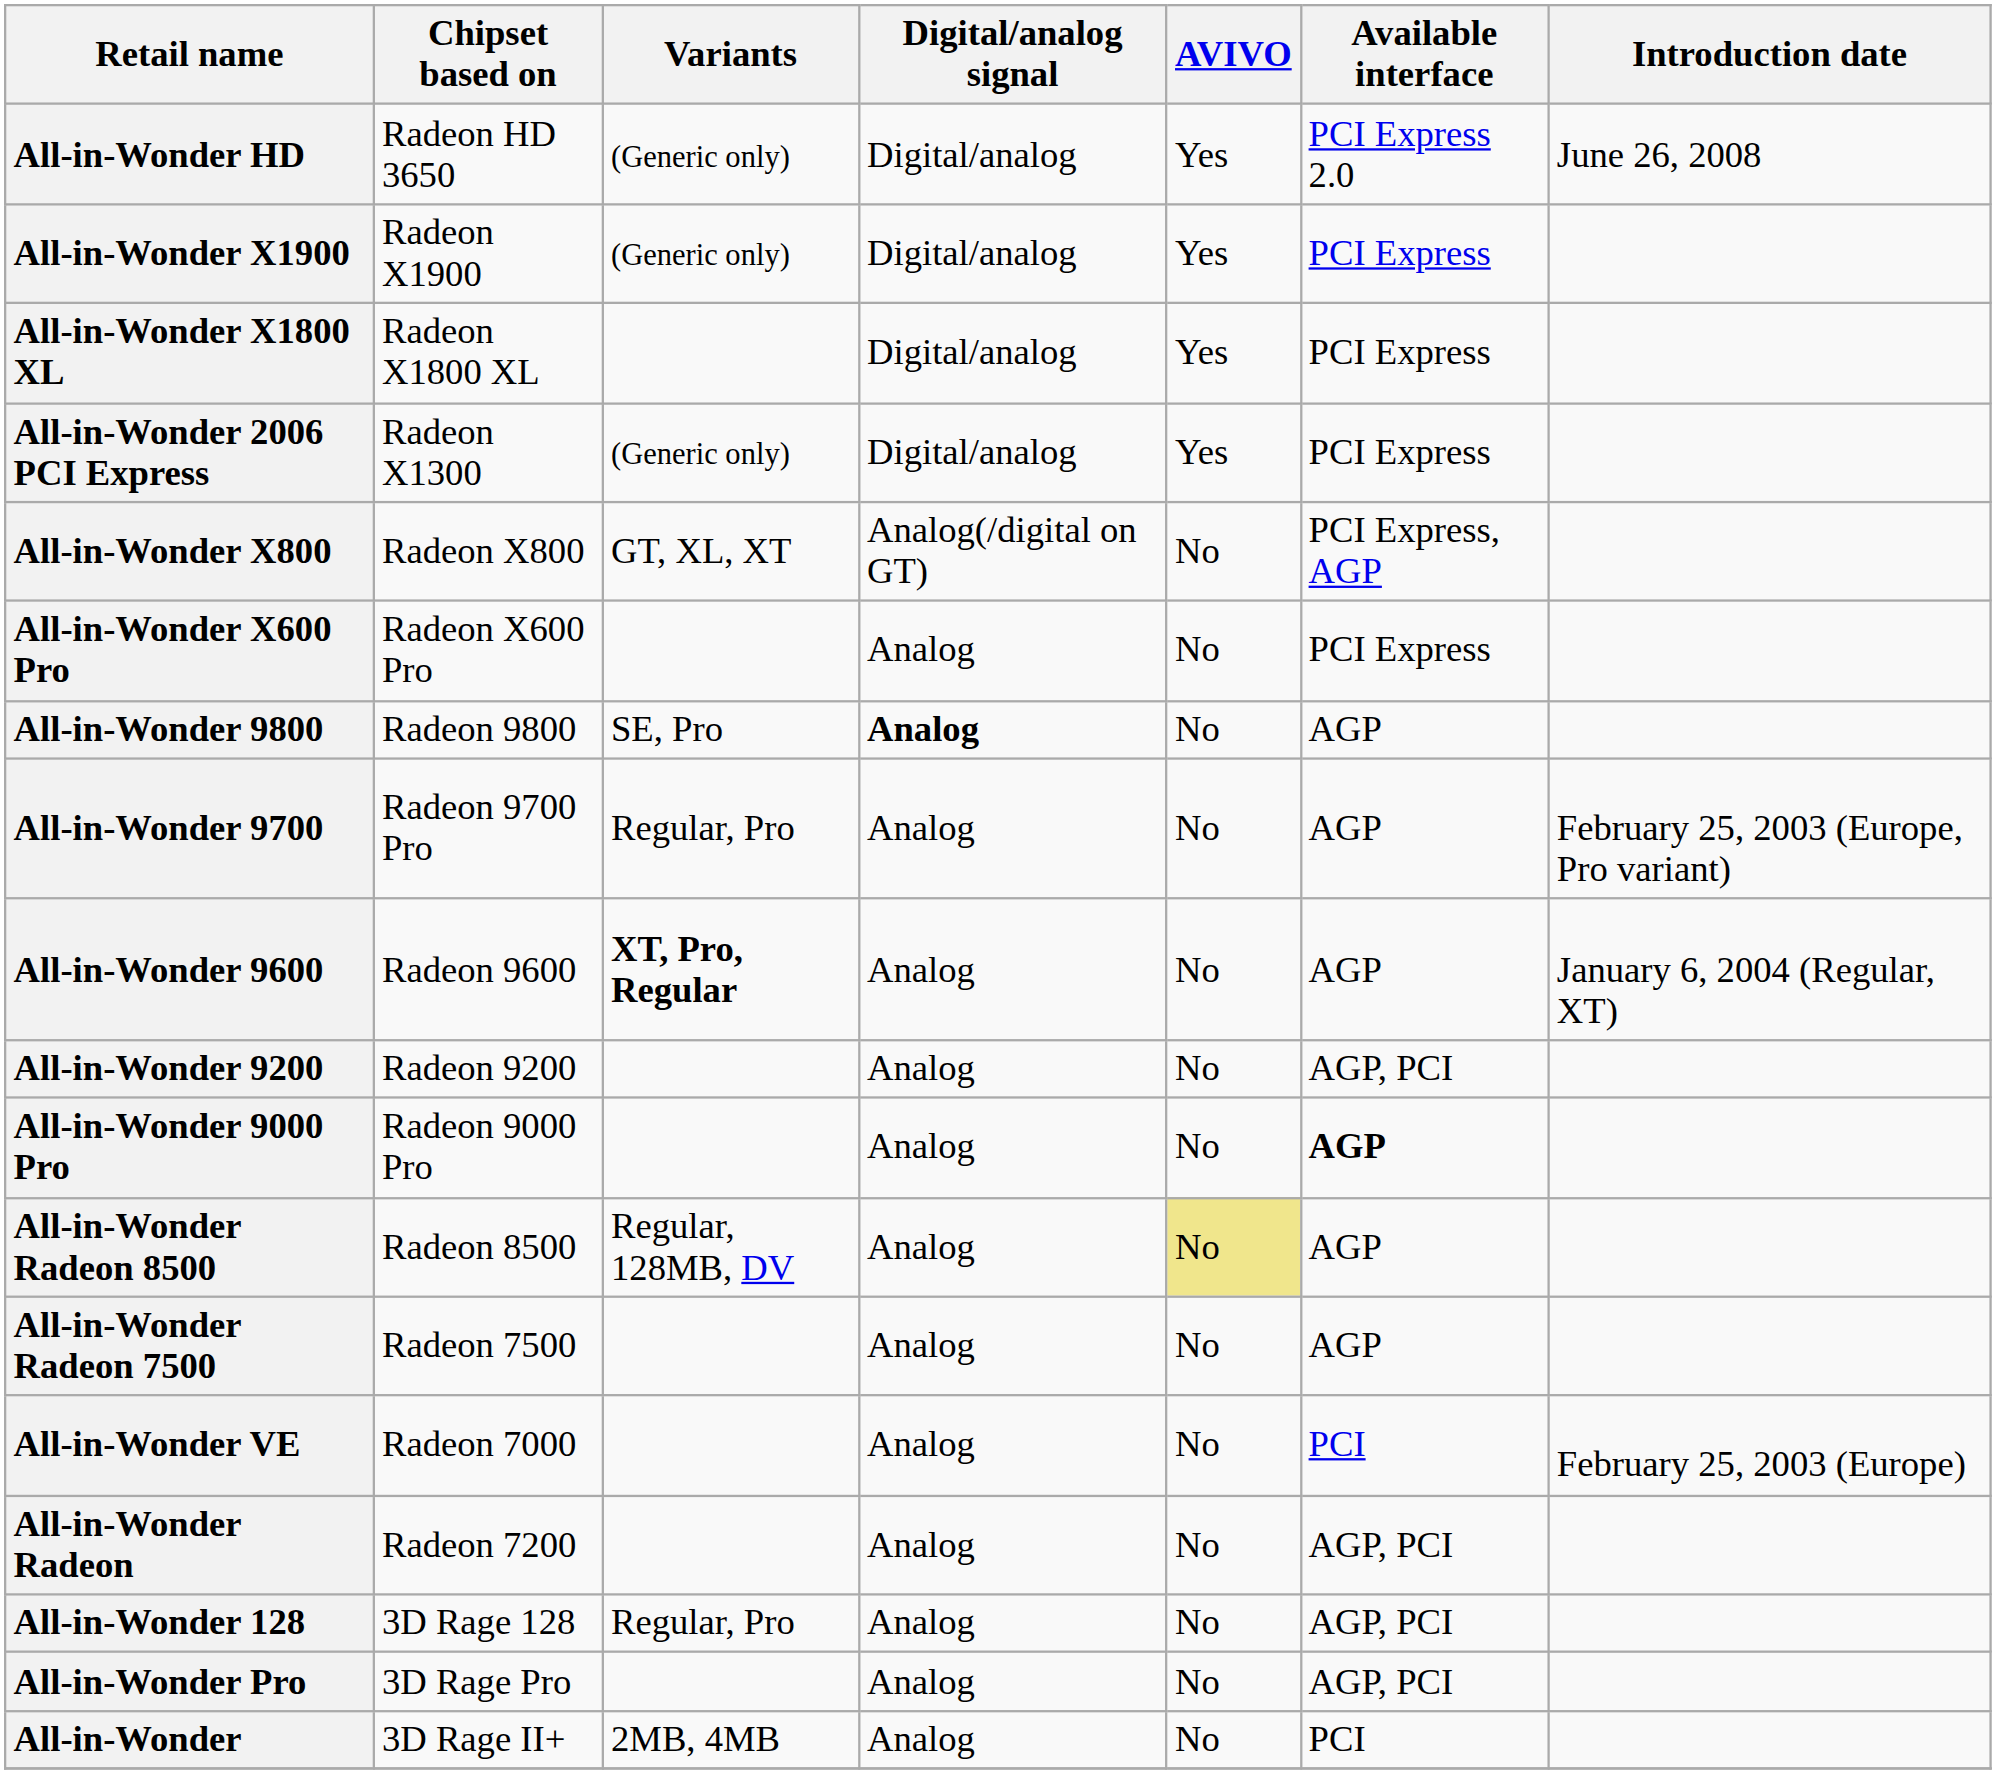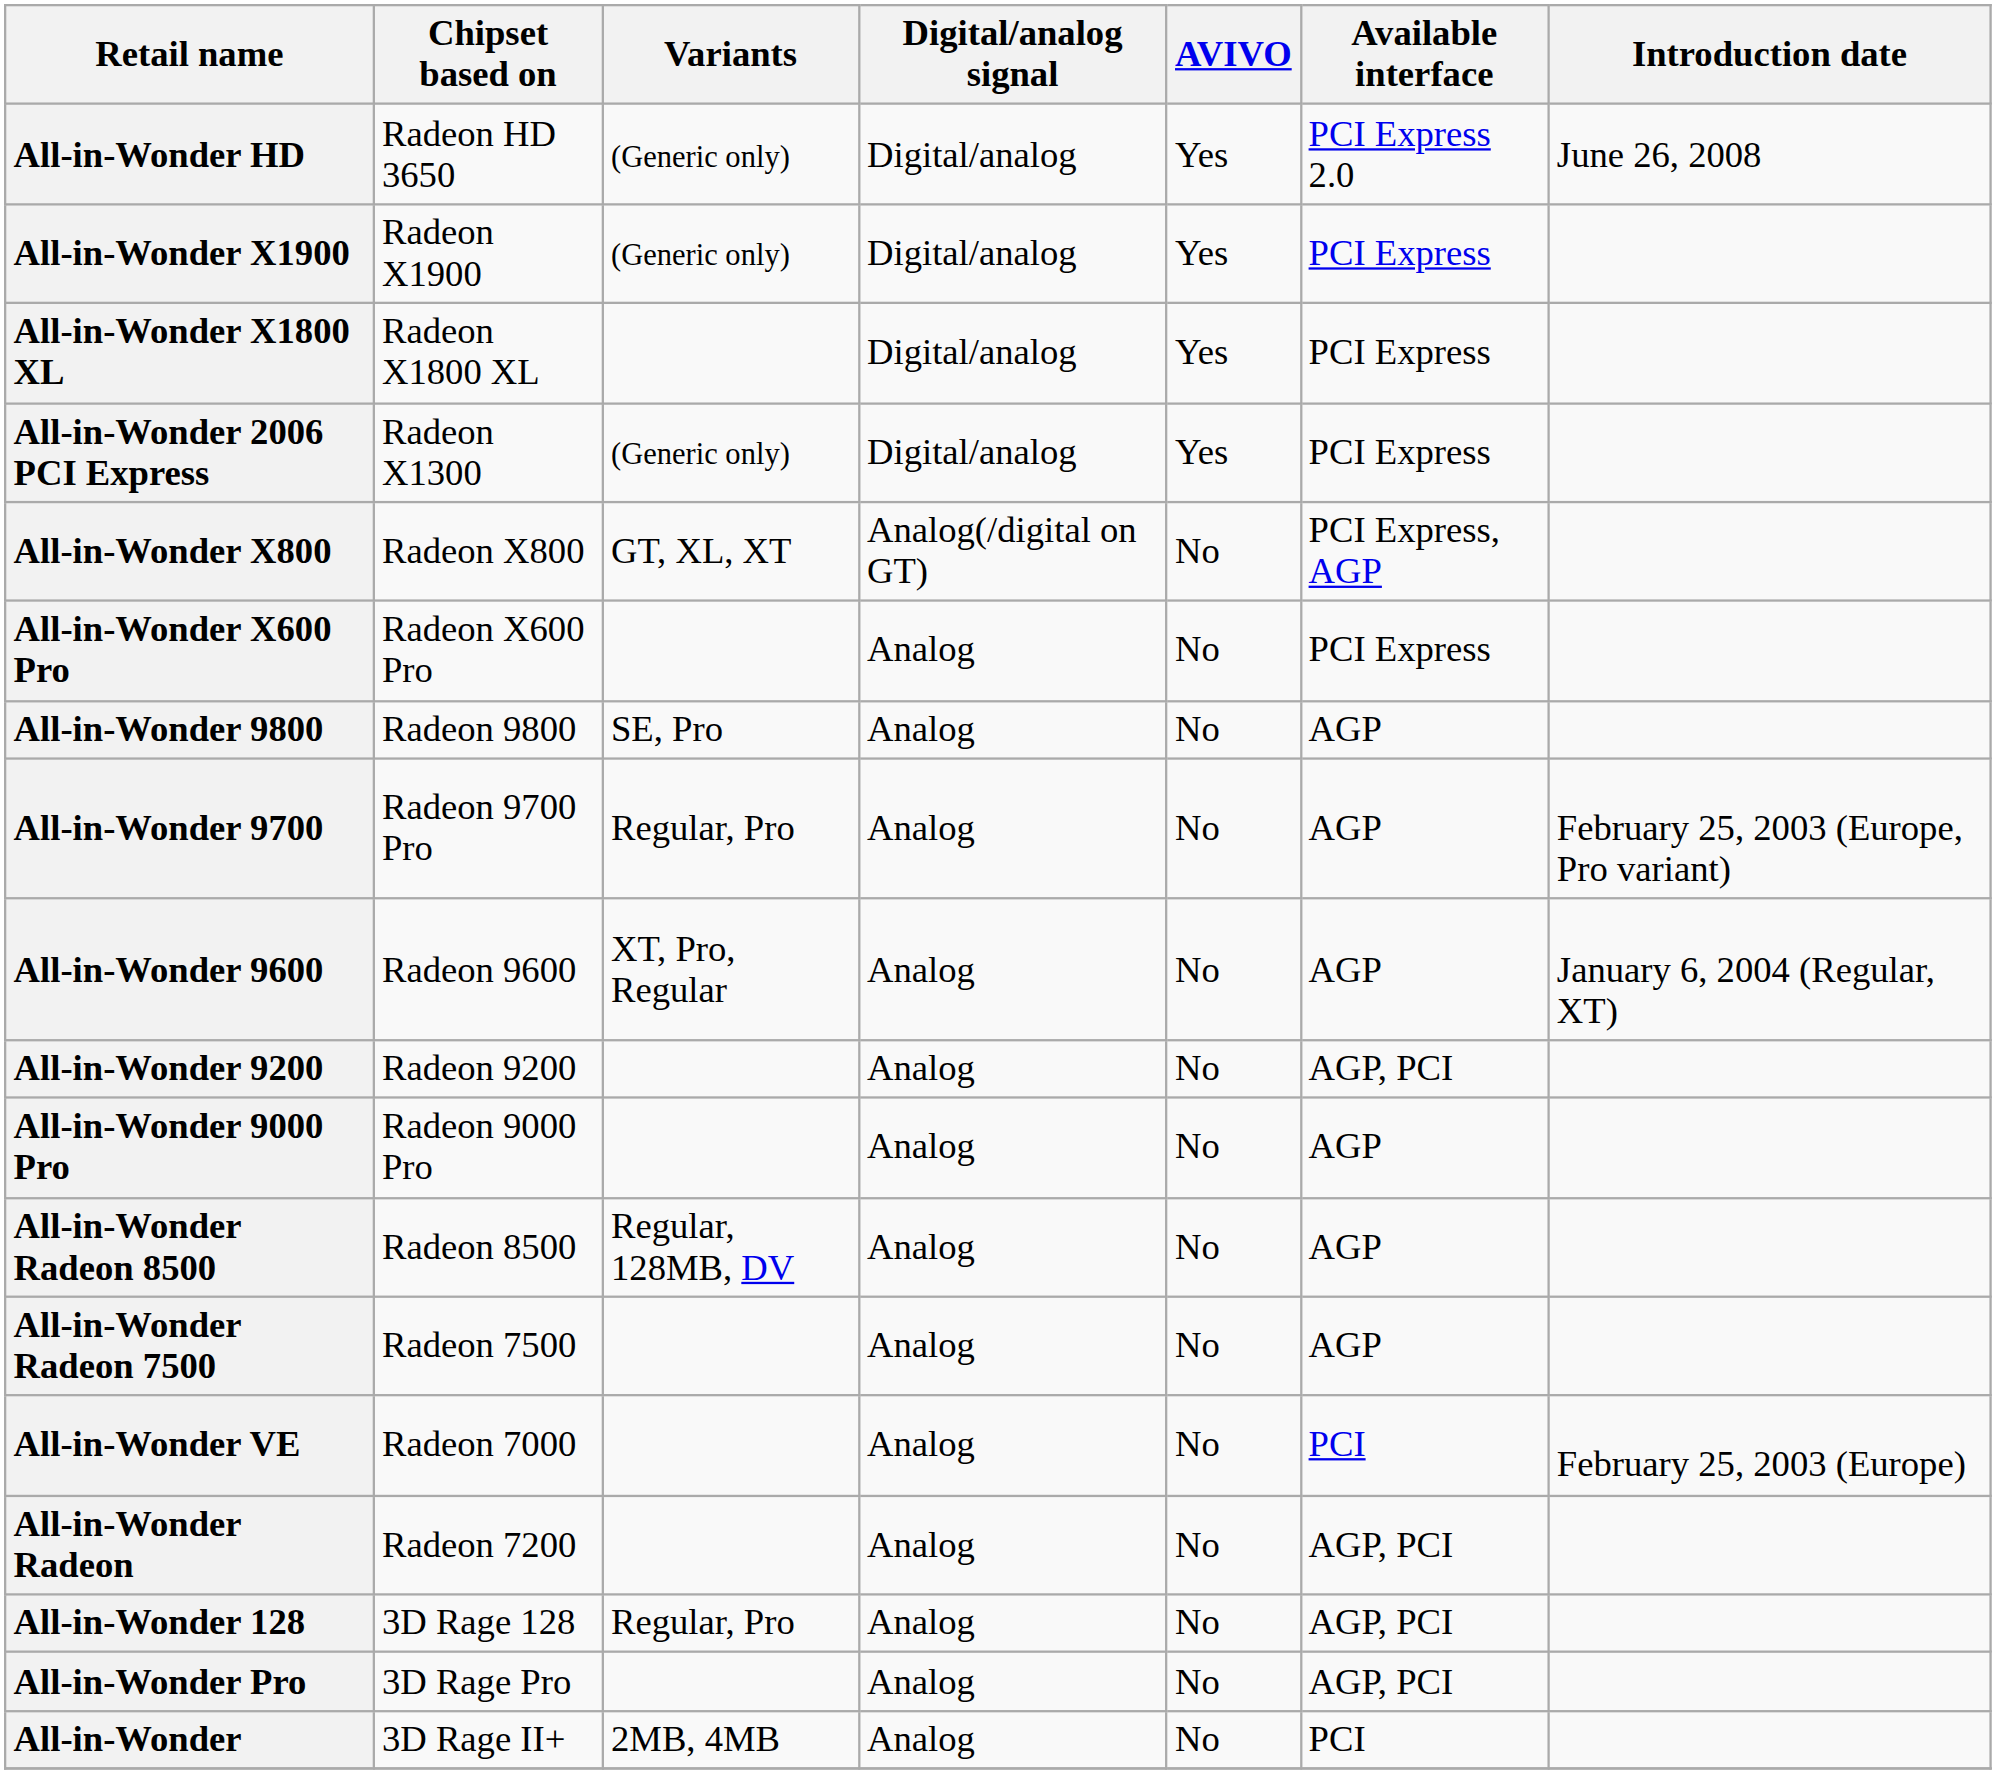 <table class="wikitable sortable">
 <tr>
 <th>Retail name</th>
 <th>Chipset based on</th>
 <th>Variants</th>
 <th>Digital/analog signal</th>
 <th><a href='#'>AVIVO</a></th>
 <th>Available interface</th>
 <th>Introduction date</th>
 </tr>
 <tr>
 <th style="text-align:left">All-in-Wonder HD</th>
 <td>Radeon HD 3650</td>
 <td><small>(Generic only)</small></td>
 <td>Digital/analog</td>
 <td>Yes</td>
 <td><a href='#'>PCI Express</a> 2.0</td>
 <td>June 26, 2008</td>
 </tr>
 <tr>
 <th style="text-align:left">All-in-Wonder X1900</th>
 <td>Radeon X1900</td>
 <td><small>(Generic only)</small></td>
 <td>Digital/analog</td>
 <td>Yes</td>
 <td><a href='#'>PCI Express</a></td>
 <td></td>
 </tr>
 <tr>
 <th style="text-align:left">All-in-Wonder X1800 XL</th>
 <td>Radeon X1800 XL</td>
 <td></td>
 <td>Digital/analog</td>
 <td>Yes</td>
 <td>PCI Express</td>
 <td></td>
 </tr>
 <tr>
 <th style="text-align:left">All-in-Wonder 2006 PCI Express</th>
 <td>Radeon X1300</td>
 <td><small>(Generic only)</small></td>
 <td>Digital/analog</td>
 <td>Yes</td>
 <td>PCI Express</td>
 <td></td>
 </tr>
 <tr>
 <th style="text-align:left">All-in-Wonder X800</th>
 <td>Radeon X800</td>
 <td>GT, XL, XT</td>
 <td>Analog(/digital on GT)</td>
 <td>No</td>
 <td>PCI Express, <a href='#'>AGP</a></td>
 <td></td>
 </tr>
 <tr>
 <th style="text-align:left">All-in-Wonder X600 Pro</th>
 <td>Radeon X600 Pro</td>
 <td></td>
 <td>Analog</td>
 <td>No</td>
 <td>PCI Express</td>
 <td></td>
 </tr>
 <tr>
 <th style="text-align:left">All-in-Wonder 9800</th>
 <td>Radeon 9800</td>
 <td>SE, Pro</td>
-<td><strong>Analog</strong></td>
+<td>Analog</td>
 <td>No</td>
 <td>AGP</td>
 <td></td>
 </tr>
 <tr>
 <th style="text-align:left">All-in-Wonder 9700</th>
 <td>Radeon 9700 Pro</td>
 <td>Regular, Pro</td>
 <td>Analog</td>
 <td>No</td>
 <td>AGP</td>
 <td><br>February 25, 2003 (Europe, Pro variant)</td>
 </tr>
 <tr>
 <th style="text-align:left">All-in-Wonder 9600</th>
 <td>Radeon 9600</td>
-<td><strong>XT, Pro, Regular</strong></td>
+<td>XT, Pro, Regular</td>
 <td>Analog</td>
 <td>No</td>
 <td>AGP</td>
 <td><br>January 6, 2004 (Regular, XT)</td>
 </tr>
 <tr>
 <th style="text-align:left">All-in-Wonder 9200</th>
 <td>Radeon 9200</td>
 <td></td>
 <td>Analog</td>
 <td>No</td>
 <td>AGP, PCI</td>
 <td></td>
 </tr>
 <tr>
 <th style="text-align:left">All-in-Wonder 9000 Pro</th>
 <td>Radeon 9000 Pro</td>
 <td></td>
 <td>Analog</td>
 <td>No</td>
-<td><strong>AGP</strong></td>
+<td>AGP</td>
 <td></td>
 </tr>
 <tr>
 <th style="text-align:left">All-in-Wonder Radeon 8500</th>
 <td>Radeon 8500</td>
 <td>Regular, 128MB, <a href='#'>DV</a></td>
 <td>Analog</td>
-<td style="background: khaki;">No</td>
+<td>No</td>
 <td>AGP</td>
 <td></td>
 </tr>
 <tr>
 <th style="text-align:left">All-in-Wonder Radeon 7500</th>
 <td>Radeon 7500</td>
 <td></td>
 <td>Analog</td>
 <td>No</td>
 <td>AGP</td>
 <td></td>
 </tr>
 <tr>
 <th style="text-align:left">All-in-Wonder VE</th>
 <td>Radeon 7000</td>
 <td></td>
 <td>Analog</td>
 <td>No</td>
 <td><a href='#'>PCI</a></td>
 <td><br>February 25, 2003 (Europe)</td>
 </tr>
 <tr>
 <th style="text-align:left">All-in-Wonder Radeon</th>
 <td>Radeon 7200</td>
 <td></td>
 <td>Analog</td>
 <td>No</td>
 <td>AGP, PCI</td>
 <td></td>
 </tr>
 <tr>
 <th style="text-align:left">All-in-Wonder 128</th>
 <td>3D Rage 128</td>
 <td>Regular, Pro</td>
 <td>Analog</td>
 <td>No</td>
 <td>AGP, PCI</td>
 <td></td>
 </tr>
 <tr>
 <th style="text-align:left">All-in-Wonder Pro</th>
 <td>3D Rage Pro</td>
 <td></td>
 <td>Analog</td>
 <td>No</td>
 <td>AGP, PCI</td>
 <td></td>
 </tr>
 <tr>
 <th style="text-align:left">All-in-Wonder</th>
 <td>3D Rage II+</td>
 <td>2MB, 4MB</td>
 <td>Analog</td>
 <td>No</td>
 <td>PCI</td>
 <td></td>
 </tr>
 <tr>
 </tr>
 </table>
